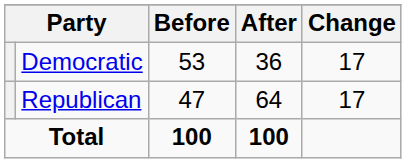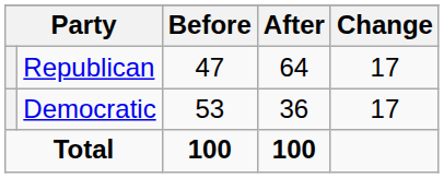 <table class="wikitable" style="text-align:center;">
 <tr>
 </tr>
 <tr>
 <th colspan=2>Party</th>
 <th>Before</th>
 <th>After</th>
 <th>Change</th>
 </tr>
 <tr>
 <th style="background-color:"></th>
-<td style="text-align:left;"><a href='#'>Democratic</a></td>
-<td>53</td>
-<td>36</td>
+<td style="text-align:left;"><a href='#'>Republican</a></td>
+<td>47</td>
+<td>64</td>
 <td> 17</td>
 </tr>
 <tr>
 <th style="background-color:"></th>
-<td style="text-align:left;"><a href='#'>Republican</a></td>
-<td>47</td>
-<td>64</td>
+<td style="text-align:left;"><a href='#'>Democratic</a></td>
+<td>53</td>
+<td>36</td>
 <td> 17</td>
 </tr>
 <tr>
 <td colspan=2><strong>Total</strong></td>
 <td><strong>100</strong></td>
 <td><strong>100</strong></td>
 <td></td>
 </tr>
 </table>
